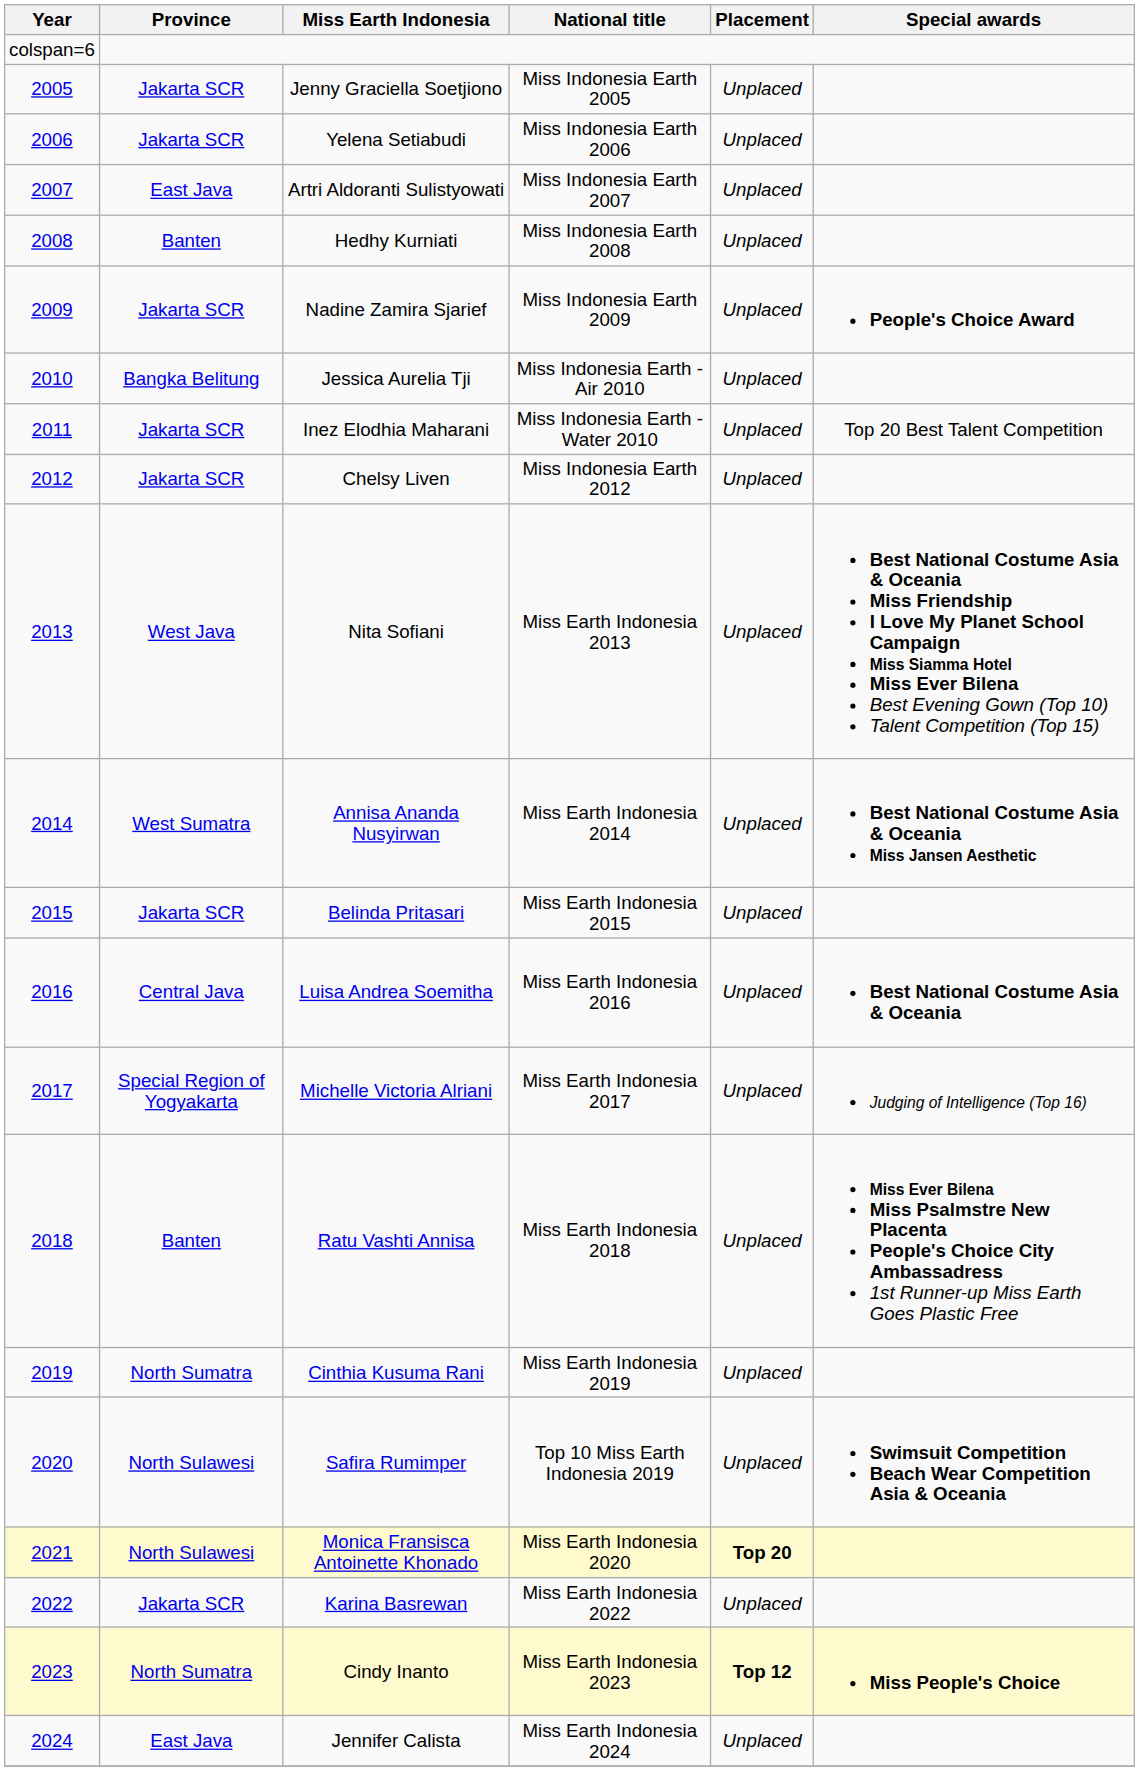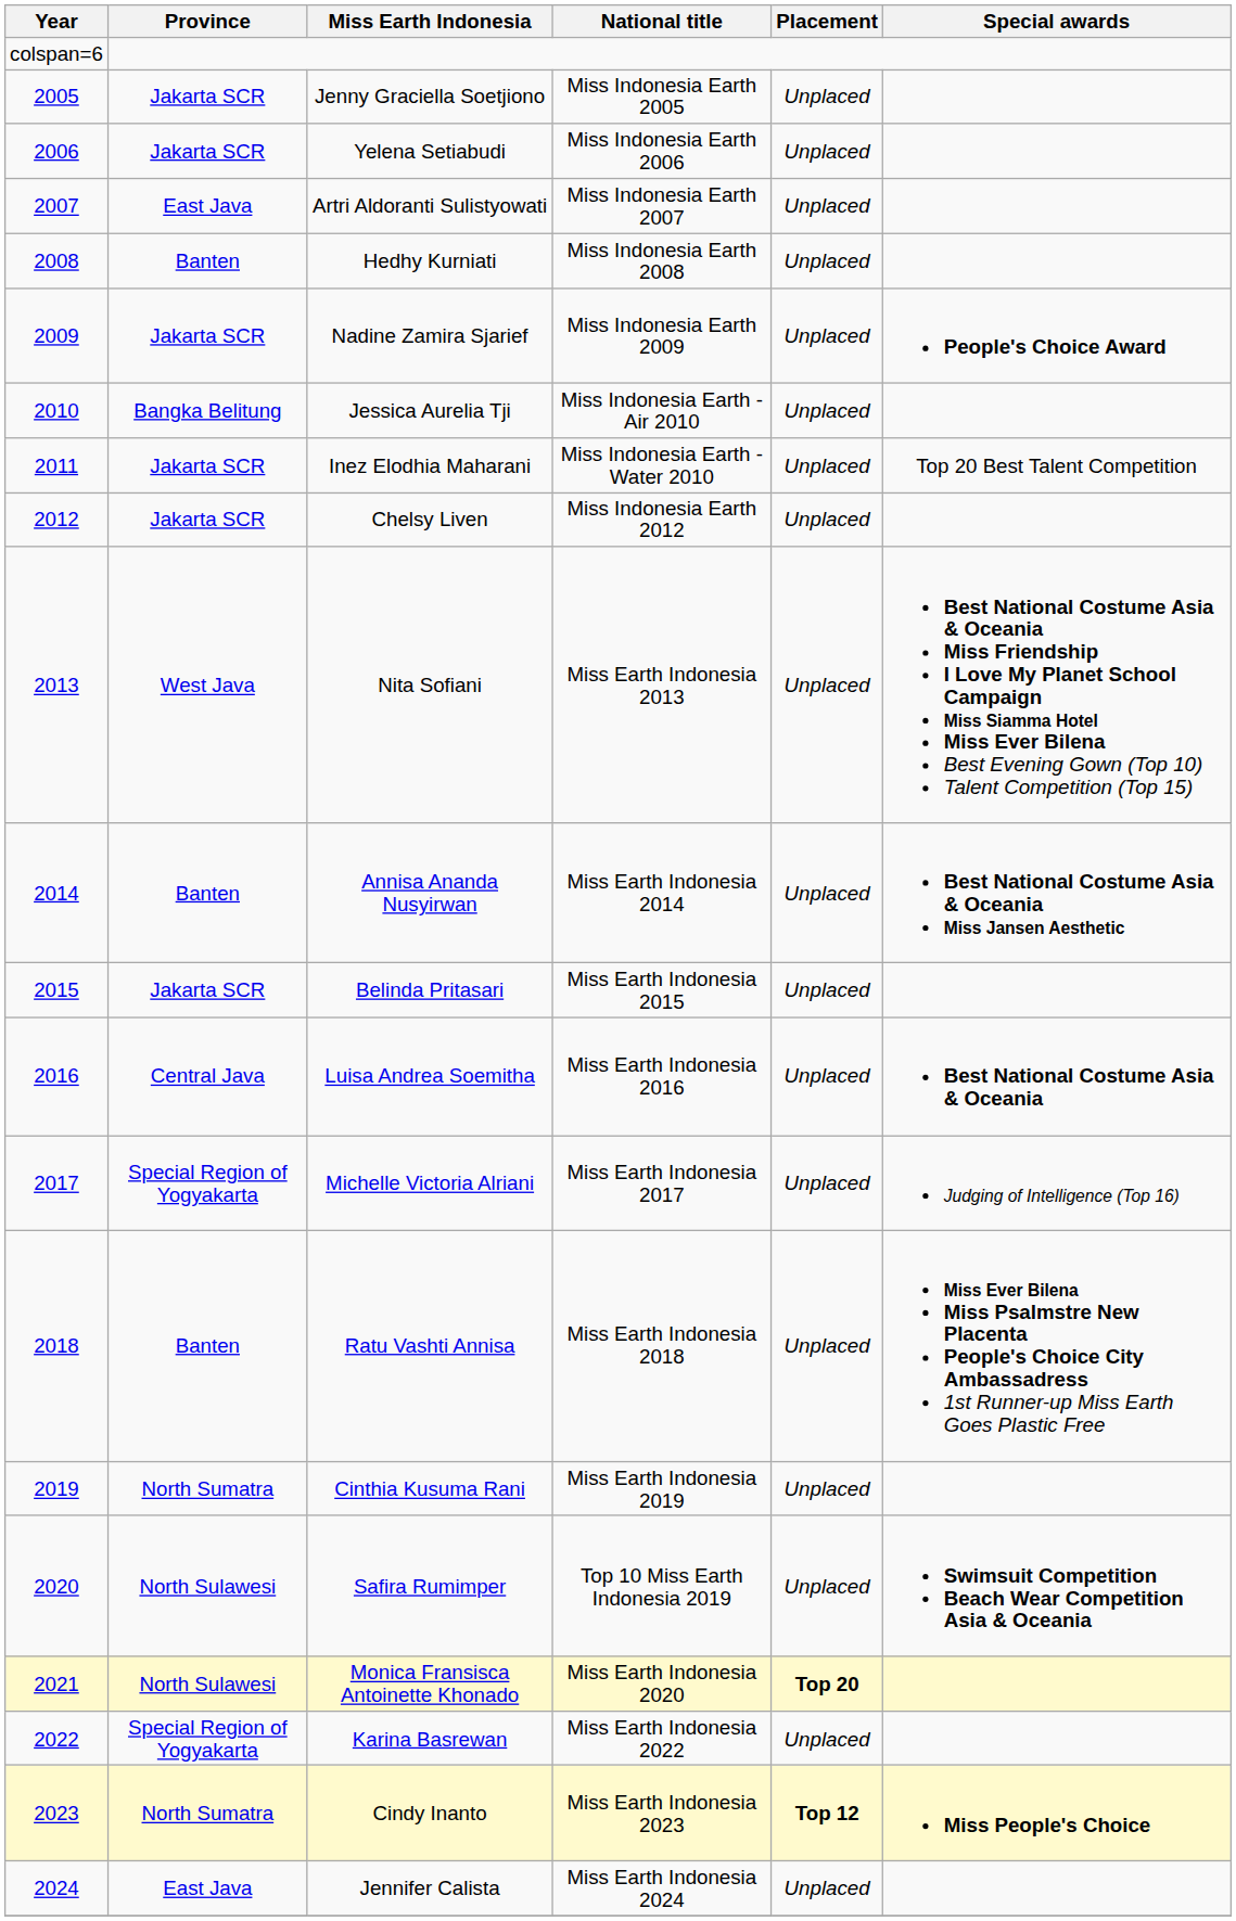 <table class="wikitable " style="font-size: 90%; text-align:center;">
 <tr>
 <th>Year</th>
 <th>Province</th>
 <th>Miss Earth Indonesia</th>
 <th>National title</th>
 <th>Placement</th>
 <th>Special awards</th>
 </tr>
 <tr>
 <td>colspan=6 </td>
 </tr>
 <tr>
 <td><a href='#'>2005</a></td>
 <td><a href='#'>Jakarta SCR</a></td>
 <td>Jenny Graciella Soetjiono</td>
 <td>Miss Indonesia Earth 2005</td>
 <td><em>Unplaced</em></td>
 <td></td>
 </tr>
 <tr>
 <td><a href='#'>2006</a></td>
 <td><a href='#'>Jakarta SCR</a></td>
 <td>Yelena Setiabudi</td>
 <td>Miss Indonesia Earth 2006</td>
 <td><em>Unplaced</em></td>
 <td></td>
 </tr>
 <tr>
 <td><a href='#'>2007</a></td>
 <td><a href='#'>East Java</a></td>
 <td>Artri Aldoranti Sulistyowati</td>
 <td>Miss Indonesia Earth 2007</td>
 <td><em>Unplaced</em></td>
 <td></td>
 </tr>
 <tr>
 <td><a href='#'>2008</a></td>
 <td><a href='#'>Banten</a></td>
 <td>Hedhy Kurniati</td>
 <td>Miss Indonesia Earth 2008</td>
 <td><em>Unplaced</em></td>
 <td></td>
 </tr>
 <tr>
 <td><a href='#'>2009</a></td>
 <td><a href='#'>Jakarta SCR</a></td>
 <td>Nadine Zamira Sjarief</td>
 <td>Miss Indonesia Earth 2009</td>
 <td><em>Unplaced</em></td>
 <td align="left"><br><ul><li><strong>People's Choice Award</strong></li></ul></td>
 </tr>
 <tr>
 <td><a href='#'>2010</a></td>
 <td><a href='#'>Bangka Belitung</a></td>
 <td>Jessica Aurelia Tji</td>
 <td>Miss Indonesia Earth - Air 2010</td>
 <td><em>Unplaced</em></td>
 <td></td>
 </tr>
 <tr>
 <td><a href='#'>2011</a></td>
 <td><a href='#'>Jakarta SCR</a></td>
 <td>Inez Elodhia Maharani</td>
 <td>Miss Indonesia Earth - Water 2010</td>
 <td><em>Unplaced</em></td>
 <td>Top 20 Best Talent Competition</td>
 </tr>
 <tr>
 <td><a href='#'>2012</a></td>
 <td><a href='#'>Jakarta SCR</a></td>
 <td>Chelsy Liven</td>
 <td>Miss Indonesia Earth 2012</td>
 <td><em>Unplaced</em></td>
 <td></td>
 </tr>
 <tr>
 <td><a href='#'>2013</a></td>
 <td><a href='#'>West Java</a></td>
 <td>Nita Sofiani</td>
 <td>Miss Earth Indonesia 2013</td>
 <td><em>Unplaced</em></td>
 <td align="left"><br><ul><li> <strong>Best National Costume Asia & Oceania</strong></li><li> <strong>Miss Friendship</strong></li><li> <strong>I Love My Planet School Campaign</strong></li><li><small><strong>Miss Siamma Hotel</strong></small></li><li><strong>Miss Ever Bilena</strong></li><li><em>Best Evening Gown (Top 10)</em></li><li><em>Talent Competition (Top 15)</em></li></ul></td>
 </tr>
 <tr>
 <td><a href='#'>2014</a></td>
-<td><a href='#'>West Sumatra</a></td>
+<td><a href='#'>Banten</a></td>
 <td><a href='#'>Annisa Ananda Nusyirwan</a></td>
 <td>Miss Earth Indonesia 2014</td>
 <td><em>Unplaced</em></td>
 <td align="left"><br><ul><li> <strong>Best National Costume Asia & Oceania</strong></li><li><small><strong>Miss Jansen Aesthetic</strong></small></li></ul></td>
 </tr>
 <tr>
 <td><a href='#'>2015</a></td>
 <td><a href='#'>Jakarta SCR</a></td>
 <td><a href='#'>Belinda Pritasari</a></td>
 <td>Miss Earth Indonesia 2015</td>
 <td><em>Unplaced</em></td>
 <td></td>
 </tr>
 <tr>
 <td><a href='#'>2016</a></td>
 <td><a href='#'>Central Java</a></td>
 <td><a href='#'>Luisa Andrea Soemitha</a></td>
 <td>Miss Earth Indonesia 2016</td>
 <td><em>Unplaced</em></td>
 <td align="left"><br><ul><li> <strong>Best National Costume Asia & Oceania</strong></li></ul></td>
 </tr>
 <tr>
 <td><a href='#'>2017</a></td>
 <td><a href='#'>Special Region of Yogyakarta</a></td>
 <td><a href='#'>Michelle Victoria Alriani</a></td>
 <td>Miss Earth Indonesia 2017</td>
 <td><em>Unplaced</em></td>
 <td align="left"><br><ul><li><small> <em>Judging of Intelligence (Top 16)</em></small></li></ul></td>
 </tr>
 <tr>
 <td><a href='#'>2018</a></td>
 <td><a href='#'>Banten</a></td>
 <td><a href='#'>Ratu Vashti Annisa</a></td>
 <td>Miss Earth Indonesia 2018</td>
 <td><em>Unplaced</em></td>
 <td align="left"><br><ul><li><small><strong>Miss Ever Bilena</strong></small></li><li><strong>Miss Psalmstre New Placenta</strong></li><li><strong>People's Choice City Ambassadress</strong></li><li><em>1st Runner-up Miss Earth Goes Plastic Free</em></li></ul></td>
 </tr>
 <tr>
 <td><a href='#'>2019</a></td>
 <td><a href='#'>North Sumatra</a></td>
 <td><a href='#'>Cinthia Kusuma Rani</a></td>
 <td>Miss Earth Indonesia 2019</td>
 <td><em>Unplaced</em></td>
 <td></td>
 </tr>
 <tr>
 <td><a href='#'>2020</a></td>
 <td><a href='#'>North Sulawesi</a></td>
 <td><a href='#'>Safira Rumimper</a></td>
 <td>Top 10 Miss Earth Indonesia 2019</td>
 <td><em>Unplaced</em></td>
 <td align="left"><br><ul><li> <strong>Swimsuit Competition</strong></li><li> <strong>Beach Wear Competition Asia & Oceania</strong></li></ul></td>
 </tr>
 <tr style="background-color:#FFFACD">
 <td><a href='#'>2021</a></td>
 <td><a href='#'>North Sulawesi</a></td>
 <td><a href='#'>Monica Fransisca Antoinette Khonado</a></td>
 <td>Miss Earth Indonesia 2020</td>
 <td><strong>Top 20</strong></td>
 <td></td>
 </tr>
 <tr>
 <td><a href='#'>2022</a></td>
-<td><a href='#'>Jakarta SCR</a></td>
+<td><a href='#'>Special Region of Yogyakarta</a></td>
 <td><a href='#'>Karina Basrewan</a></td>
 <td>Miss Earth Indonesia 2022</td>
 <td><em>Unplaced</em></td>
 <td></td>
 </tr>
 <tr style="background-color:#FFFACD">
 <td><a href='#'>2023</a></td>
 <td><a href='#'>North Sumatra</a></td>
 <td>Cindy Inanto</td>
 <td>Miss Earth Indonesia 2023</td>
 <td><strong>Top 12</strong></td>
 <td align="left"><br><ul><li><strong>Miss People's Choice</strong></li></ul></td>
 </tr>
 <tr>
 <td><a href='#'>2024</a></td>
 <td><a href='#'>East Java</a></td>
 <td>Jennifer Calista</td>
 <td>Miss Earth Indonesia 2024</td>
 <td><em>Unplaced</em></td>
 <td></td>
 </tr>
 <tr>
 </tr>
 </table>
